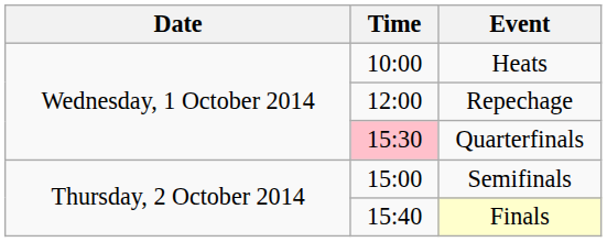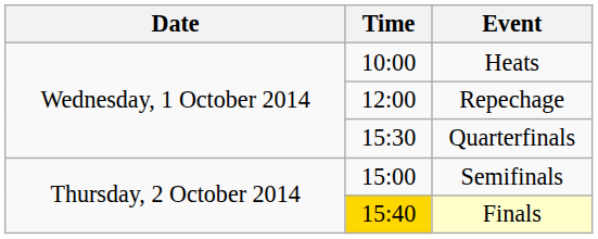 <table class = "wikitable" style="text-align:center;">
 <tr>
 <th width=220>Date</th>
 <th width=50>Time</th>
 <th width=100>Event</th>
 </tr>
 <tr>
 <td rowspan=3>Wednesday, 1 October 2014</td>
 <td>10:00</td>
 <td>Heats</td>
 </tr>
 <tr>
 <td>12:00</td>
 <td>Repechage</td>
 </tr>
 <tr>
-<td style="background: pink;">15:30</td>
+<td>15:30</td>
 <td>Quarterfinals</td>
 </tr>
 <tr>
 <td rowspan=2>Thursday, 2 October 2014</td>
 <td>15:00</td>
 <td>Semifinals</td>
 </tr>
 <tr>
-<td>15:40</td>
+<td style="background: gold;">15:40</td>
 <td bgcolor=ffffcc>Finals</td>
 </tr>
 </table>
